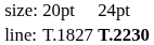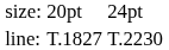 <table style="margin-left:40px;">
 <tr>
 <td>size:</td>
 <td>20pt</td>
 <td>24pt</td>
 </tr>
 <tr>
 <td>line:</td>
 <td>T.1827</td>
-<td><strong>T.2230</strong></td>
+<td>T.2230</td>
 </tr>
 </table>
